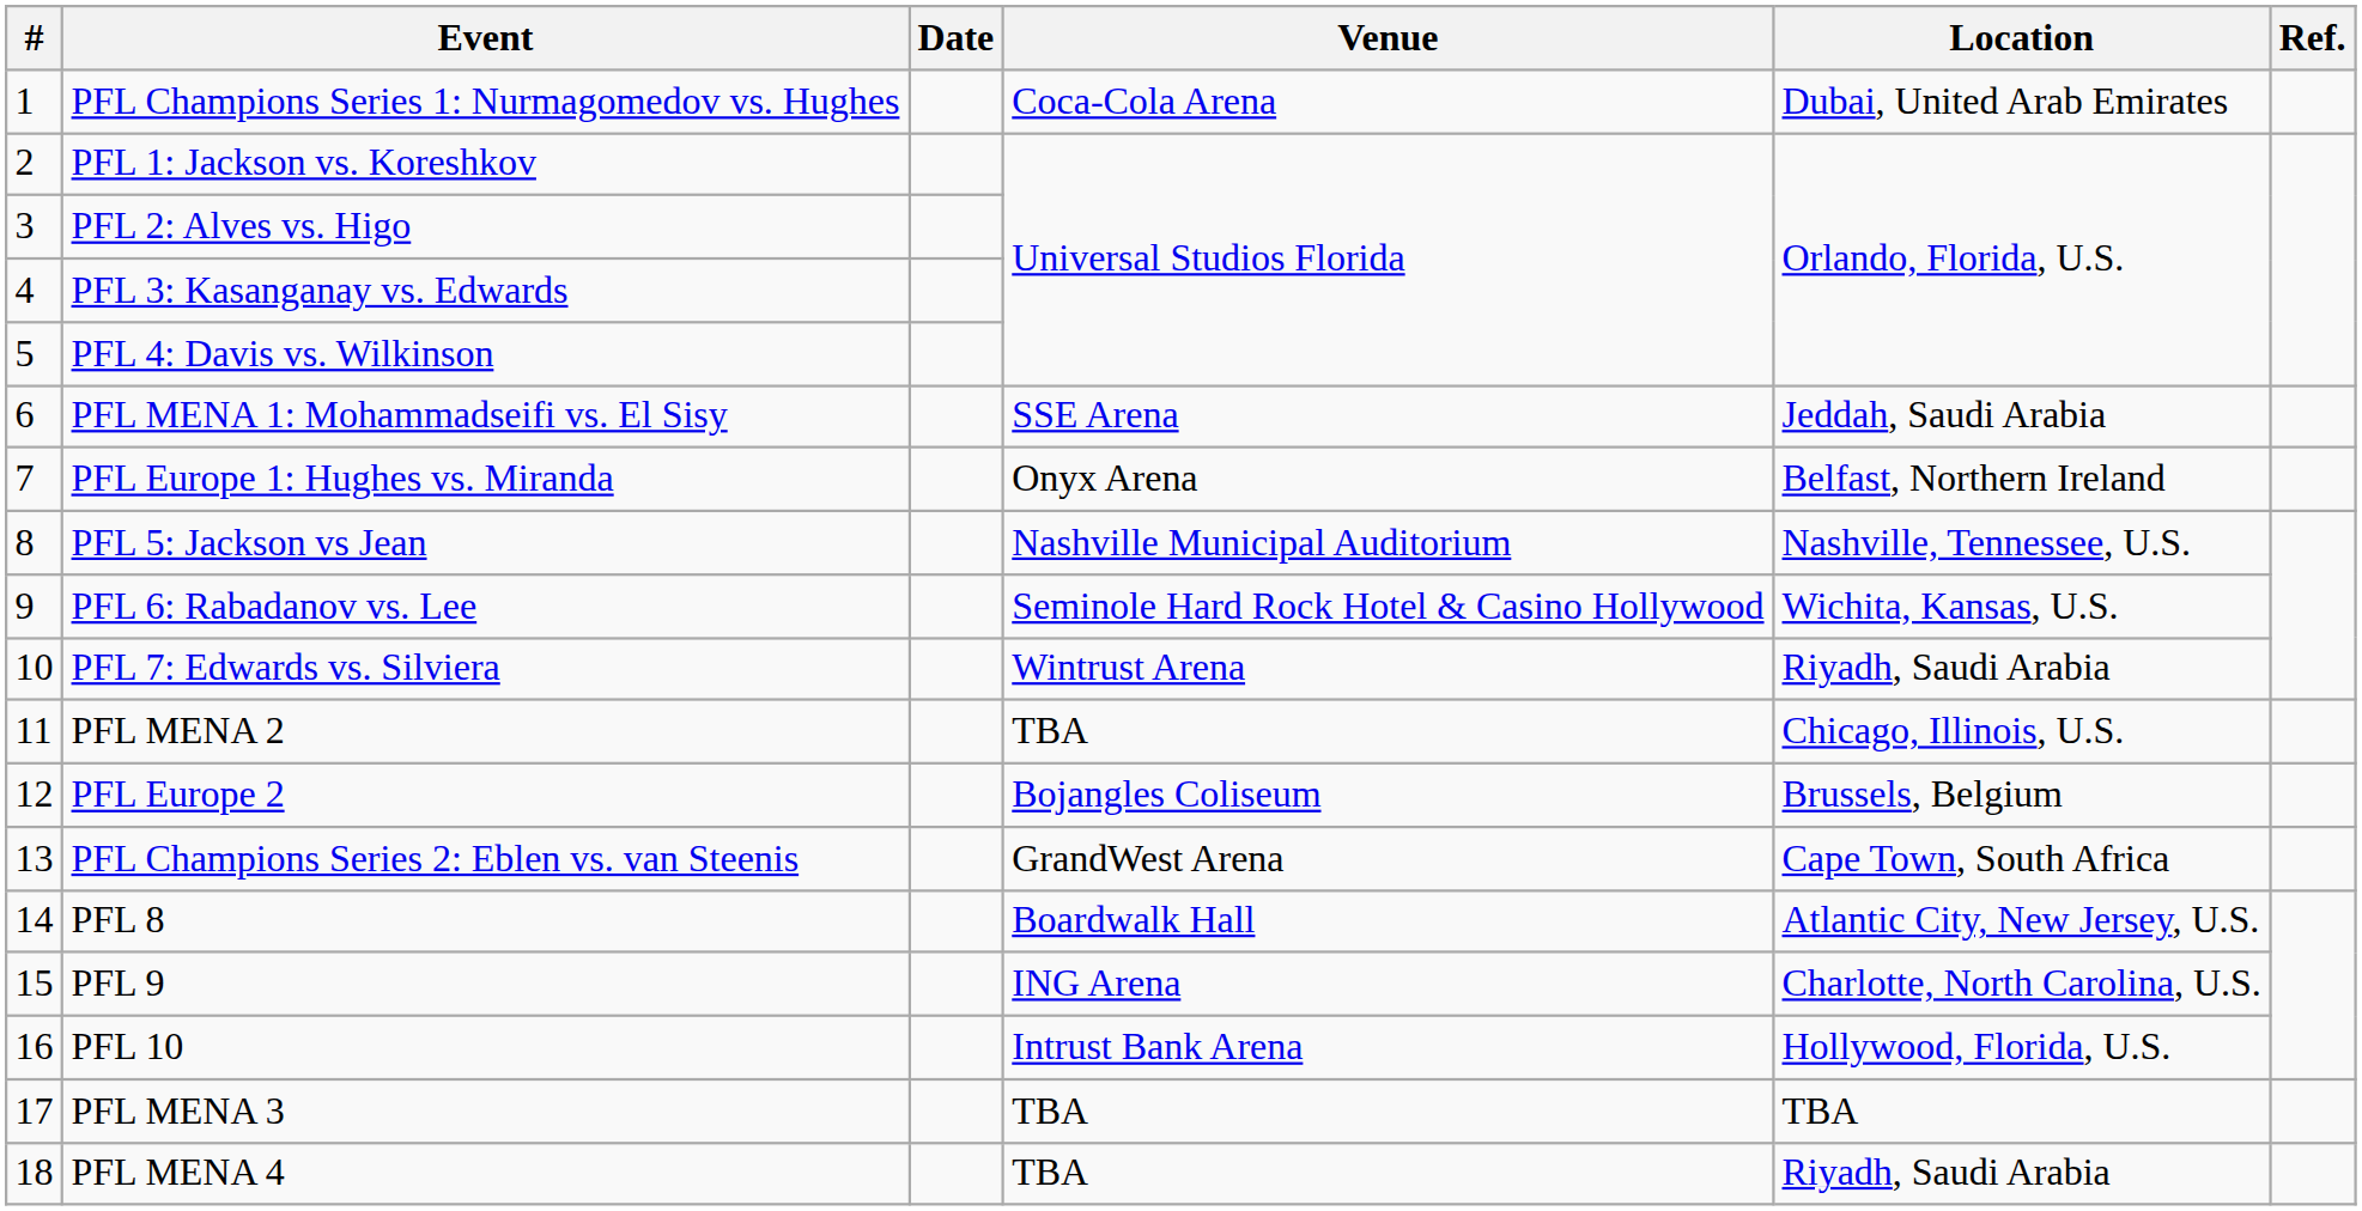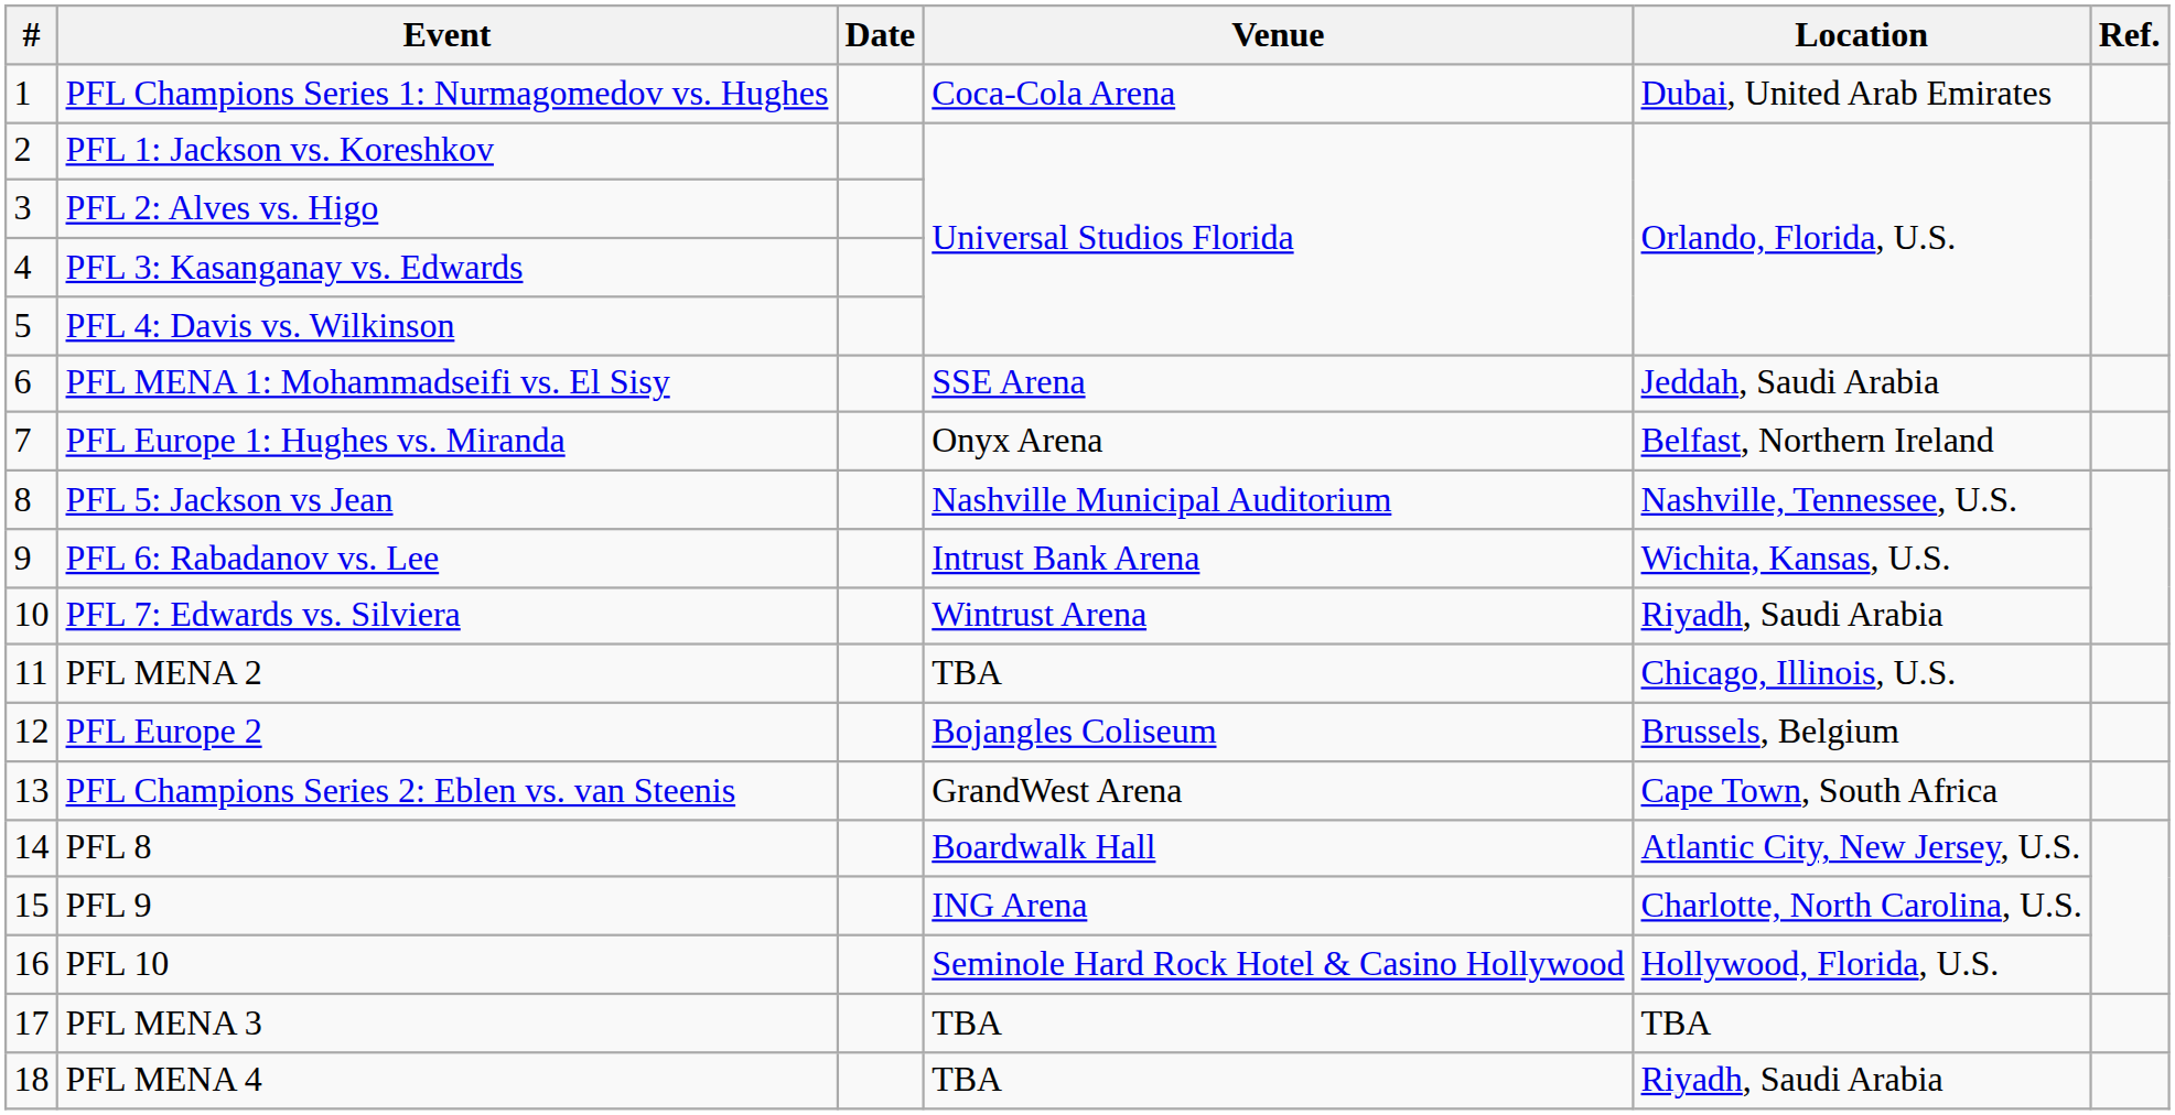 <table id="Events" class="sortable wikitable succession-box" style="font-size:90%;">
 <tr>
 <th scope="col">#</th>
 <th scope="col">Event</th>
 <th scope="col">Date</th>
 <th scope="col">Venue</th>
 <th scope="col">Location</th>
 <th scope="col">Ref.</th>
 </tr>
 <tr>
 <td>1</td>
 <td><a href='#'>PFL Champions Series 1: Nurmagomedov vs. Hughes</a></td>
 <td></td>
 <td><a href='#'>Coca-Cola Arena</a></td>
 <td><a href='#'>Dubai</a>, United Arab Emirates</td>
 <td></td>
 </tr>
 <tr>
 <td>2</td>
 <td><a href='#'>PFL 1: Jackson vs. Koreshkov</a></td>
 <td></td>
 <td rowspan=4><a href='#'>Universal Studios Florida</a></td>
 <td rowspan=4><a href='#'>Orlando, Florida</a>, U.S.</td>
 <td rowspan=4></td>
 </tr>
 <tr>
 <td>3</td>
 <td><a href='#'>PFL 2: Alves vs. Higo</a></td>
 <td></td>
 </tr>
 <tr>
 <td>4</td>
 <td><a href='#'>PFL 3: Kasanganay vs. Edwards</a></td>
 <td></td>
 </tr>
 <tr>
 <td>5</td>
 <td><a href='#'>PFL 4: Davis vs. Wilkinson</a></td>
 <td></td>
 </tr>
 <tr>
 <td>6</td>
 <td><a href='#'>PFL MENA 1: Mohammadseifi vs. El Sisy</a></td>
 <td></td>
 <td><a href='#'>SSE Arena</a></td>
 <td><a href='#'>Jeddah</a>, Saudi Arabia</td>
 <td></td>
 </tr>
 <tr>
 <td>7</td>
 <td><a href='#'>PFL Europe 1: Hughes vs. Miranda</a></td>
 <td></td>
 <td>Onyx Arena</td>
 <td><a href='#'>Belfast</a>,  Northern Ireland</td>
 <td></td>
 </tr>
 <tr>
 <td>8</td>
 <td><a href='#'>PFL 5: Jackson vs Jean</a></td>
 <td></td>
 <td><a href='#'>Nashville Municipal Auditorium</a></td>
 <td><a href='#'>Nashville, Tennessee</a>, U.S.</td>
 <td rowspan=3></td>
 </tr>
 <tr>
 <td>9</td>
 <td><a href='#'>PFL 6: Rabadanov vs. Lee</a></td>
 <td></td>
-<td><a href='#'>Seminole Hard Rock Hotel & Casino Hollywood</a></td>
+<td><a href='#'>Intrust Bank Arena</a></td>
 <td><a href='#'>Wichita, Kansas</a>, U.S.</td>
 </tr>
 <tr>
 <td>10</td>
 <td><a href='#'>PFL 7: Edwards vs. Silviera</a></td>
 <td></td>
 <td><a href='#'>Wintrust Arena</a></td>
 <td><a href='#'>Riyadh</a>, Saudi Arabia</td>
 </tr>
 <tr>
 <td>11</td>
 <td>PFL MENA 2</td>
 <td></td>
 <td>TBA</td>
 <td><a href='#'>Chicago, Illinois</a>, U.S.</td>
 <td></td>
 </tr>
 <tr>
 <td>12</td>
 <td><a href='#'>PFL Europe 2</a></td>
 <td></td>
 <td><a href='#'>Bojangles Coliseum</a></td>
 <td><a href='#'>Brussels</a>, Belgium</td>
 <td></td>
 </tr>
 <tr>
 <td>13</td>
 <td><a href='#'>PFL Champions Series 2: Eblen vs. van Steenis</a></td>
 <td></td>
 <td>GrandWest Arena</td>
 <td><a href='#'>Cape Town</a>, South Africa</td>
 <td></td>
 </tr>
 <tr>
 <td>14</td>
 <td>PFL 8</td>
 <td></td>
 <td><a href='#'>Boardwalk Hall</a></td>
 <td><a href='#'>Atlantic City, New Jersey</a>, U.S.</td>
 <td rowspan=3></td>
 </tr>
 <tr>
 <td>15</td>
 <td>PFL 9</td>
 <td></td>
 <td><a href='#'>ING Arena</a></td>
 <td><a href='#'>Charlotte, North Carolina</a>, U.S.</td>
 </tr>
 <tr>
 <td>16</td>
 <td>PFL 10</td>
 <td></td>
-<td><a href='#'>Intrust Bank Arena</a></td>
+<td><a href='#'>Seminole Hard Rock Hotel & Casino Hollywood</a></td>
 <td><a href='#'>Hollywood, Florida</a>, U.S.</td>
 </tr>
 <tr>
 <td>17</td>
 <td>PFL MENA 3</td>
 <td></td>
 <td>TBA</td>
 <td>TBA</td>
 <td></td>
 </tr>
 <tr>
 <td>18</td>
 <td>PFL MENA 4</td>
 <td></td>
 <td>TBA</td>
 <td><a href='#'>Riyadh</a>, Saudi Arabia</td>
 <td></td>
 </tr>
 </table>
